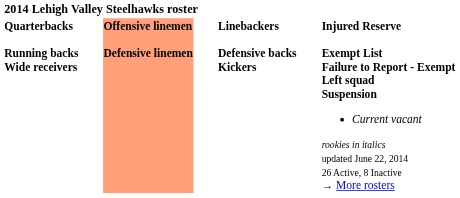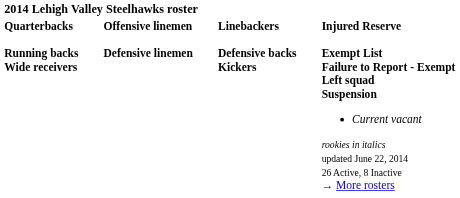 <table class="toccolours" style="text-align: left;">
 <tr>
 <th colspan="7"><strong>2014 Lehigh Valley Steelhawks roster</strong></th>
 </tr>
 <tr>
 <td style="font-size: 95%;" valign="top"><strong>Quarterbacks</strong><br> <br><strong>Running backs</strong> <br><strong>Wide receivers</strong>     </td>
 <td style="width: 25px;"></td>
-<td style="background: lightsalmon; font-size: 95%;" valign="top"><strong>Offensive linemen</strong><br>    <br><strong>Defensive linemen</strong>     </td>
+<td style="font-size: 95%;" valign="top"><strong>Offensive linemen</strong><br>    <br><strong>Defensive linemen</strong>     </td>
 <td style="width: 25px;"></td>
 <td style="font-size: 95%;" valign="top"><strong>Linebackers</strong><br> <br><strong>Defensive backs</strong>     <br><strong>Kickers</strong> </td>
 <td style="width: 25px;"></td>
 <td style="font-size: 95%;" valign="top"><strong>Injured Reserve</strong><br>  <br><strong>Exempt List</strong>  <br><strong>Failure to Report - Exempt</strong> <br><strong>Left squad</strong>  <br><strong>Suspension</strong><ul><li><em>Current vacant</em></li></ul><small><em>rookies in italics</em><br> updated June 22, 2014</small><br> <small>26 Active, 8 Inactive</small><br>→ <a href='#'>More rosters</a></td>
 </tr>
 <tr>
 </tr>
 </table>
